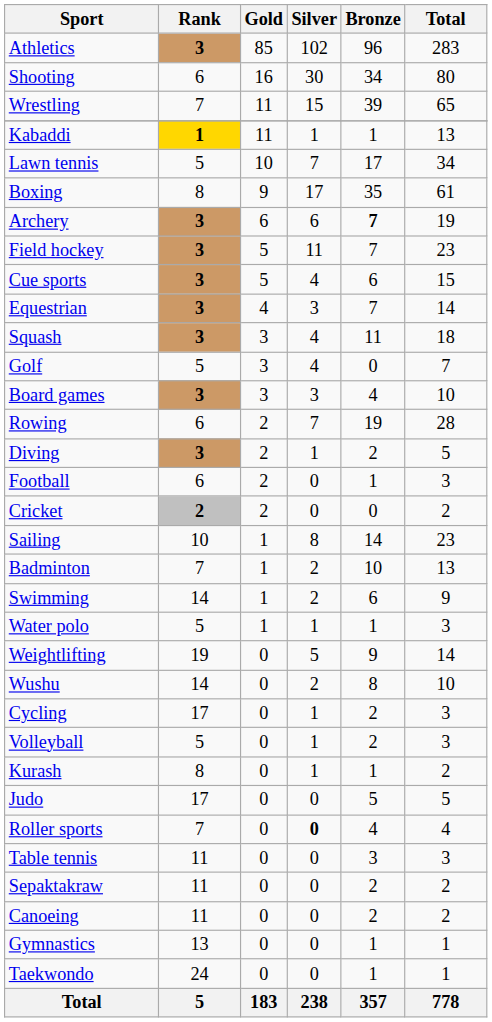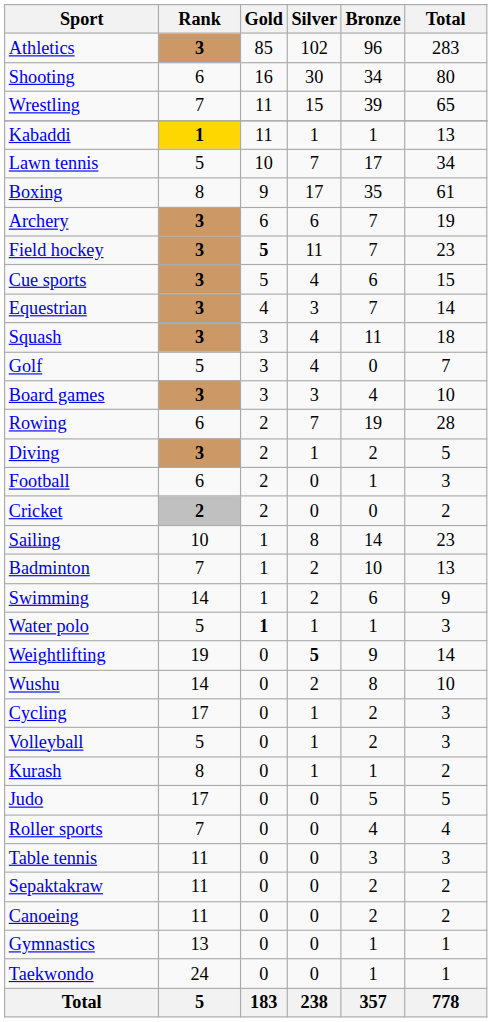 <table class="wikitable sortable">
 <tr>
 <th style="width:8em">Sport</th>
 <th style="width:4em">Rank<br></th>
 <th> Gold</th>
 <th> Silver</th>
 <th> Bronze</th>
 <th style="width:4em">Total</th>
 </tr>
 <tr>
 <td align=left> <a href='#'>Athletics</a></td>
 <td align=center bgcolor=#c96><strong>3</strong></td>
 <td align=center>85</td>
 <td align=center>102</td>
 <td align=center>96</td>
 <td align=center>283</td>
 </tr>
 <tr>
 <td align=left> <a href='#'>Shooting</a></td>
 <td align=center>6</td>
 <td align=center>16</td>
 <td align=center>30</td>
 <td align=center>34</td>
 <td align=center>80</td>
 </tr>
 <tr>
 <td align=left> <a href='#'>Wrestling</a></td>
 <td align=center>7</td>
 <td align=center>11</td>
 <td align=center>15</td>
 <td align=center>39</td>
 <td align=center>65</td>
 </tr>
 <tr>
 </tr>
 <tr style="background:#E9D66Bc">
 <td align=left> <a href='#'>Kabaddi</a></td>
 <td align=center bgcolor=gold><strong>1</strong></td>
 <td align=center>11</td>
 <td align=center>1</td>
 <td align=center>1</td>
 <td align=center>13</td>
 </tr>
 <tr>
 <td align=left> <a href='#'>Lawn tennis</a></td>
 <td align=center>5</td>
 <td align=center>10</td>
 <td align=center>7</td>
 <td align=center>17</td>
 <td align=center>34</td>
 </tr>
 <tr>
 <td align=left> <a href='#'>Boxing</a></td>
 <td align=center>8</td>
 <td align=center>9</td>
 <td align=center>17</td>
 <td align=center>35</td>
 <td align=center>61</td>
 </tr>
 <tr>
 <td align=left> <a href='#'>Archery</a></td>
 <td align=center bgcolor=#c96><strong>3</strong></td>
 <td align=center>6</td>
 <td align=center>6</td>
-<td align=center><strong>7</strong></td>
+<td align=center>7</td>
 <td align=center>19</td>
 </tr>
 <tr>
 <td align=left> <a href='#'>Field hockey</a></td>
 <td align=center bgcolor=#c96><strong>3</strong></td>
-<td align="center">5</td>
+<td align="center"><strong>5</strong></td>
 <td align=center>11</td>
 <td align=center>7</td>
 <td align=center>23</td>
 </tr>
 <tr>
 <td align=left> <a href='#'>Cue sports</a></td>
 <td align=center bgcolor=#c96><strong>3</strong></td>
 <td align=center>5</td>
 <td align=center>4</td>
 <td align=center>6</td>
 <td align=center>15</td>
 </tr>
 <tr>
 <td align=left> <a href='#'>Equestrian</a></td>
 <td align=center bgcolor=#c96><strong>3</strong></td>
 <td align=center>4</td>
 <td align=center>3</td>
 <td align=center>7</td>
 <td align=center>14</td>
 </tr>
 <tr>
 <td align=left> <a href='#'>Squash</a></td>
 <td align=center bgcolor=#c96><strong>3</strong></td>
 <td align=center>3</td>
 <td align=center>4</td>
 <td align=center>11</td>
 <td align=center>18</td>
 </tr>
 <tr>
 <td align=left> <a href='#'>Golf</a></td>
 <td align=center>5</td>
 <td align=center>3</td>
 <td align=center>4</td>
 <td align=center>0</td>
 <td align=center>7</td>
 </tr>
 <tr>
 <td align=left> <a href='#'>Board games</a></td>
 <td align=center bgcolor=#c96><strong>3</strong></td>
 <td align=center>3</td>
 <td align=center>3</td>
 <td align=center>4</td>
 <td align=center>10</td>
 </tr>
 <tr>
 <td align=left> <a href='#'>Rowing</a></td>
 <td align=center>6</td>
 <td align=center>2</td>
 <td align=center>7</td>
 <td align=center>19</td>
 <td align=center>28</td>
 </tr>
 <tr>
 <td align=left> <a href='#'>Diving</a></td>
 <td align=center bgcolor=#c96><strong>3</strong></td>
 <td align=center>2</td>
 <td align=center>1</td>
 <td align=center>2</td>
 <td align=center>5</td>
 </tr>
 <tr>
 <td align=left> <a href='#'>Football</a></td>
 <td align=center>6</td>
 <td align=center>2</td>
 <td align=center>0</td>
 <td align=center>1</td>
 <td align=center>3</td>
 </tr>
 <tr>
 <td align=left> <a href='#'>Cricket</a></td>
 <td align=center bgcolor=silver><strong>2</strong></td>
 <td align=center>2</td>
 <td align=center>0</td>
 <td align=center>0</td>
 <td align=center>2</td>
 </tr>
 <tr>
 <td align=left> <a href='#'>Sailing</a></td>
 <td align=center>10</td>
 <td align=center>1</td>
 <td align=center>8</td>
 <td align=center>14</td>
 <td align=center>23</td>
 </tr>
 <tr>
 <td align=left> <a href='#'>Badminton</a></td>
 <td align=center>7</td>
 <td align=center>1</td>
 <td align=center>2</td>
 <td align=center>10</td>
 <td align=center>13</td>
 </tr>
 <tr>
 <td align=left> <a href='#'>Swimming</a></td>
 <td align=center>14</td>
 <td align=center>1</td>
 <td align=center>2</td>
 <td align=center>6</td>
 <td align=center>9</td>
 </tr>
 <tr>
 <td align=left> <a href='#'>Water polo</a></td>
 <td align=center>5</td>
-<td align=center>1</td>
+<td align=center><strong>1</strong></td>
 <td align=center>1</td>
 <td align=center>1</td>
 <td align=center>3</td>
 </tr>
 <tr>
 <td align=left> <a href='#'>Weightlifting</a></td>
 <td align=center>19</td>
 <td align=center>0</td>
-<td align=center>5</td>
+<td align=center><strong>5</strong></td>
 <td align=center>9</td>
 <td align=center>14</td>
 </tr>
 <tr>
 <td align=left> <a href='#'>Wushu</a></td>
 <td align=center>14</td>
 <td align=center>0</td>
 <td align=center>2</td>
 <td align=center>8</td>
 <td align=center>10</td>
 </tr>
 <tr>
 <td align=left> <a href='#'>Cycling</a></td>
 <td align=center>17</td>
 <td align=center>0</td>
 <td align=center>1</td>
 <td align=center>2</td>
 <td align=center>3</td>
 </tr>
 <tr>
 <td align=left> <a href='#'>Volleyball</a></td>
 <td align=center>5</td>
 <td align=center>0</td>
 <td align=center>1</td>
 <td align=center>2</td>
 <td align=center>3</td>
 </tr>
 <tr>
 <td align=left> <a href='#'>Kurash</a></td>
 <td align=center>8</td>
 <td align=center>0</td>
 <td align=center>1</td>
 <td align=center>1</td>
 <td align=center>2</td>
 </tr>
 <tr>
 <td align=left> <a href='#'>Judo</a></td>
 <td align=center>17</td>
 <td align=center>0</td>
 <td align=center>0</td>
 <td align=center>5</td>
 <td align=center>5</td>
 </tr>
 <tr>
 <td align=left> <a href='#'>Roller sports</a></td>
 <td align=center>7</td>
 <td align=center>0</td>
-<td align=center><strong>0</strong></td>
+<td align=center>0</td>
 <td align=center>4</td>
 <td align=center>4</td>
 </tr>
 <tr>
 <td align=left> <a href='#'>Table tennis</a></td>
 <td align=center>11</td>
 <td align=center>0</td>
 <td align=center>0</td>
 <td align=center>3</td>
 <td align=center>3</td>
 </tr>
 <tr>
 <td align=left> <a href='#'>Sepaktakraw</a></td>
 <td align=center>11</td>
 <td align=center>0</td>
 <td align=center>0</td>
 <td align=center>2</td>
 <td align=center>2</td>
 </tr>
 <tr>
 <td align=left> <a href='#'>Canoeing</a></td>
 <td align=center>11</td>
 <td align=center>0</td>
 <td align=center>0</td>
 <td align=center>2</td>
 <td align=center>2</td>
 </tr>
 <tr>
 <td align=left> <a href='#'>Gymnastics</a></td>
 <td align=center>13</td>
 <td align=center>0</td>
 <td align=center>0</td>
 <td align=center>1</td>
 <td align=center>1</td>
 </tr>
 <tr>
 <td align=left> <a href='#'>Taekwondo</a></td>
 <td align=center>24</td>
 <td align=center>0</td>
 <td align=center>0</td>
 <td align=center>1</td>
 <td align=center>1</td>
 </tr>
 <tr>
 <th>Total</th>
 <th>5</th>
 <th>183</th>
 <th>238</th>
 <th>357</th>
 <th>778</th>
 </tr>
 </table>
